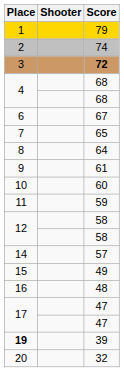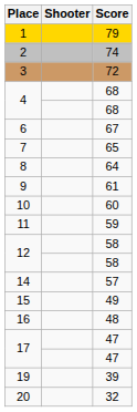 <table class=wikitable style="text-align:center">
 <tr>
 <th>Place</th>
 <th>Shooter</th>
 <th>Score</th>
 </tr>
 <tr bgcolor=gold>
 <td>1</td>
 <td align=left></td>
 <td>79</td>
 </tr>
 <tr bgcolor=silver>
 <td>2</td>
 <td align=left></td>
 <td>74</td>
 </tr>
 <tr bgcolor=cc9966>
 <td>3</td>
 <td align=left></td>
-<td><strong>72</strong></td>
+<td>72</td>
 </tr>
 <tr>
 <td rowspan=2>4</td>
 <td align=left></td>
 <td>68</td>
 </tr>
 <tr>
 <td align=left></td>
 <td>68</td>
 </tr>
 <tr>
 <td>6</td>
 <td align=left></td>
 <td>67</td>
 </tr>
 <tr>
 <td>7</td>
 <td align=left></td>
 <td>65</td>
 </tr>
 <tr>
 <td>8</td>
 <td align=left></td>
 <td>64</td>
 </tr>
 <tr>
 <td>9</td>
 <td align=left></td>
 <td>61</td>
 </tr>
 <tr>
 <td>10</td>
 <td align=left></td>
 <td>60</td>
 </tr>
 <tr>
 <td>11</td>
 <td align=left></td>
 <td>59</td>
 </tr>
 <tr>
 <td rowspan=2>12</td>
 <td align=left></td>
 <td>58</td>
 </tr>
 <tr>
 <td align=left></td>
 <td>58</td>
 </tr>
 <tr>
 <td>14</td>
 <td align=left></td>
 <td>57</td>
 </tr>
 <tr>
 <td>15</td>
 <td align=left></td>
 <td>49</td>
 </tr>
 <tr>
 <td>16</td>
 <td align=left></td>
 <td>48</td>
 </tr>
 <tr>
 <td rowspan=2>17</td>
 <td align=left></td>
 <td>47</td>
 </tr>
 <tr>
 <td align=left></td>
 <td>47</td>
 </tr>
 <tr>
-<td><strong>19</strong></td>
+<td>19</td>
 <td align=left></td>
 <td>39</td>
 </tr>
 <tr>
 <td>20</td>
 <td align=left></td>
 <td>32</td>
 </tr>
 </table>
